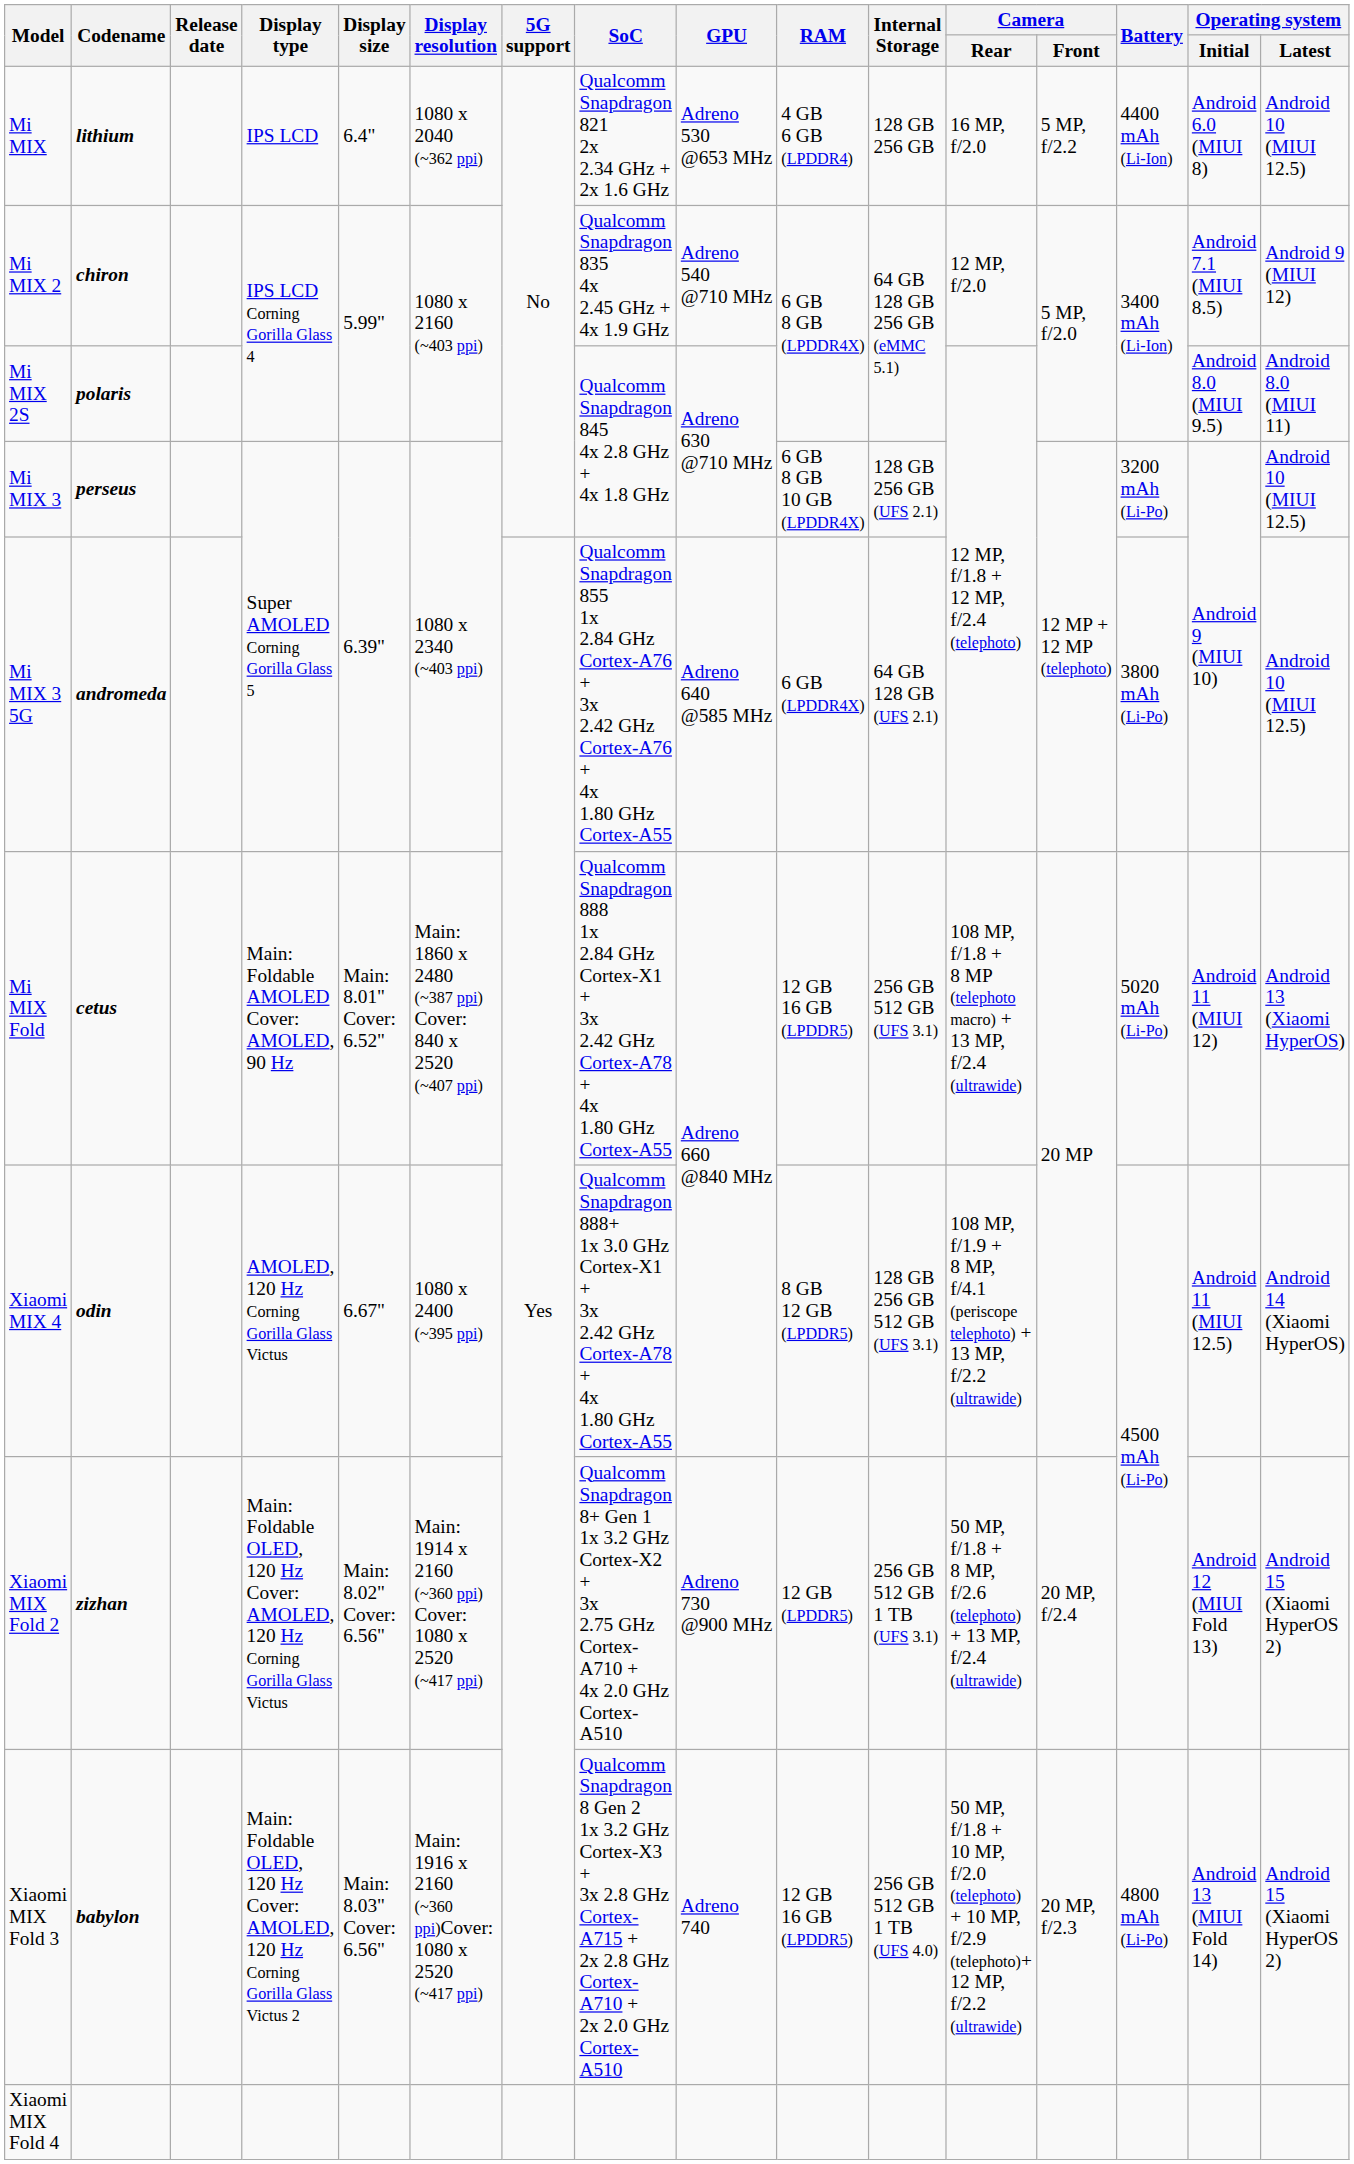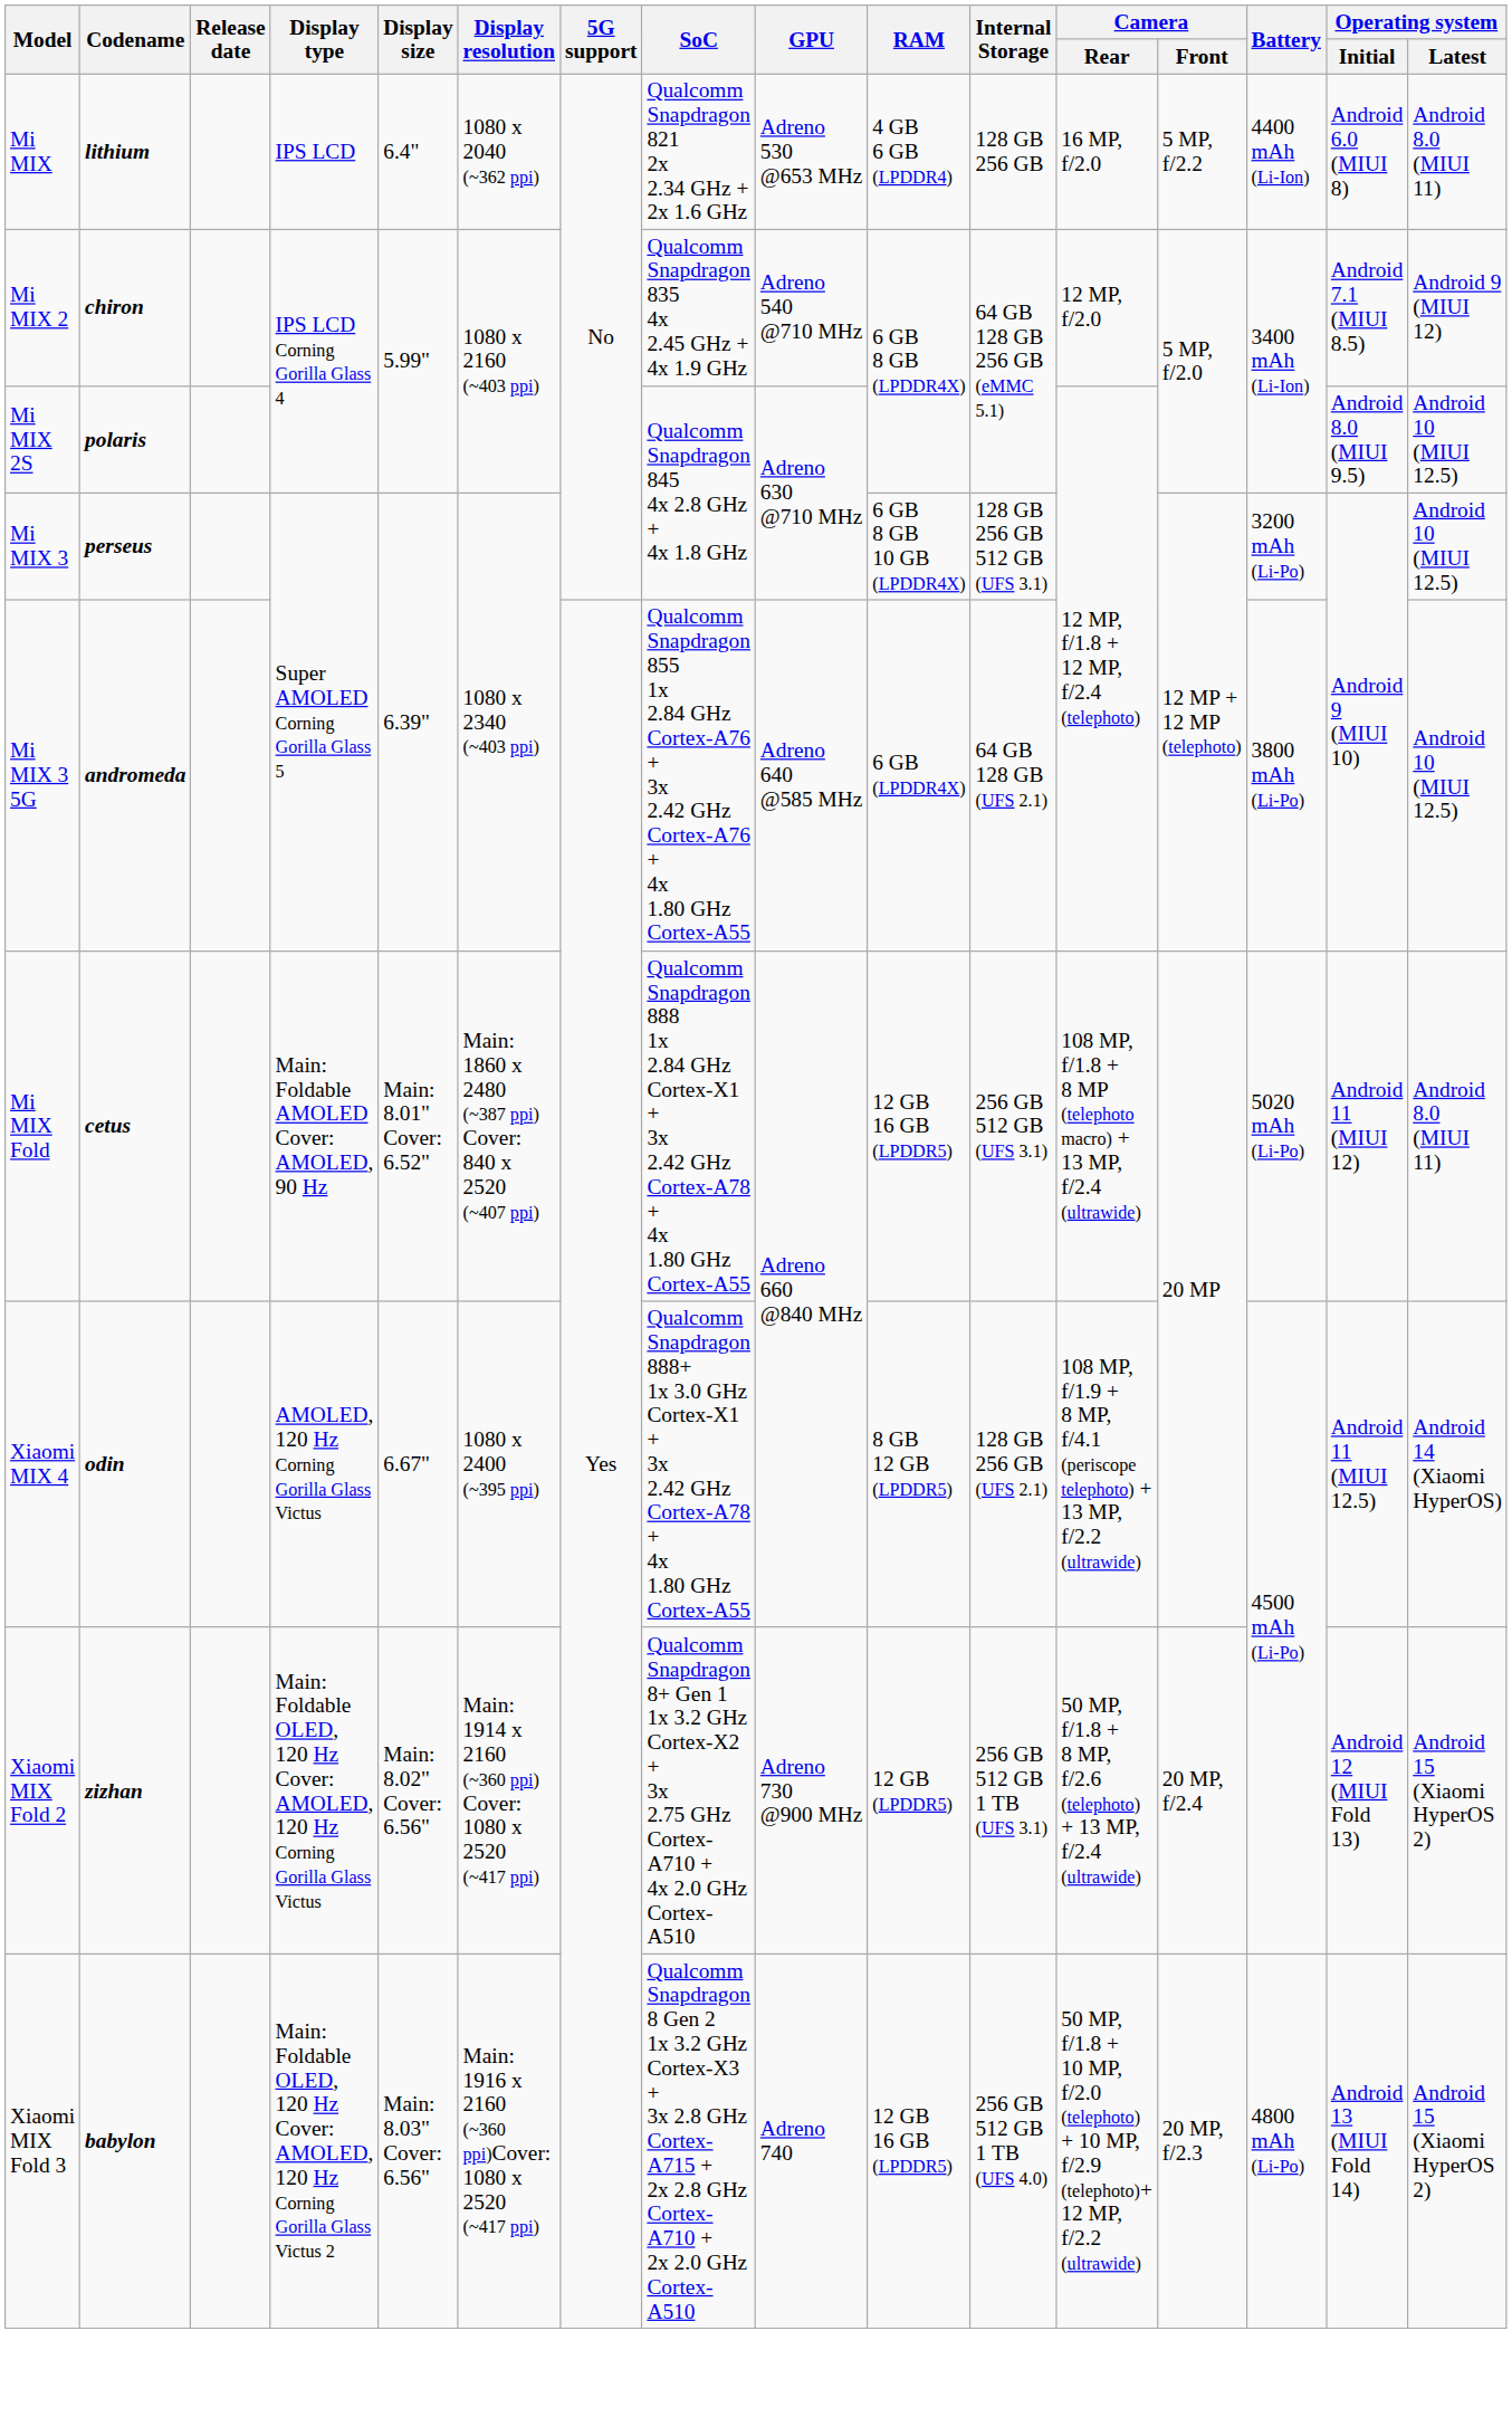 <table class="wikitable sortable mw-collapsible">
 <tr>
 <th rowspan="2">Model</th>
 <th rowspan="2">Codename</th>
 <th rowspan="2">Release date </th>
 <th rowspan="2">Display type</th>
 <th rowspan="2">Display size</th>
 <th rowspan="2"><a href='#'>Display resolution</a></th>
 <th rowspan="2"><a href='#'>5G</a> support</th>
 <th rowspan="2"><a href='#'>SoC</a></th>
 <th rowspan="2"><a href='#'>GPU</a></th>
 <th rowspan="2"><a href='#'>RAM</a></th>
 <th rowspan="2">Internal Storage</th>
 <th colspan="2"><a href='#'>Camera</a></th>
 <th rowspan="2"><a href='#'>Battery</a></th>
 <th colspan="2"><a href='#'>Operating system</a></th>
 </tr>
 <tr>
 <th>Rear</th>
 <th>Front</th>
 <th>Initial</th>
 <th>Latest</th>
 </tr>
 <tr>
 <td><a href='#'>Mi MIX</a></td>
 <td><strong><em>lithium</em></strong></td>
 <td></td>
 <td><a href='#'>IPS LCD</a></td>
 <td>6.4"</td>
 <td>1080 x 2040<br><small>(~362 <a href='#'>ppi</a>)</small></td>
 <td rowspan="4" style="text-align:center;">No</td>
 <td><a href='#'>Qualcomm Snapdragon</a> 821<br>2x 2.34 GHz +<br>2x 1.6 GHz</td>
 <td><a href='#'>Adreno</a> 530<br>@653 MHz</td>
 <td>4 GB<br>6 GB<br><small>(<a href='#'>LPDDR4</a>)</small></td>
 <td>128 GB<br>256 GB</td>
 <td>16 MP, f/2.0</td>
 <td>5 MP, f/2.2</td>
 <td>4400 <a href='#'>mAh</a><br><small>(<a href='#'>Li-Ion</a>)</small></td>
 <td><a href='#'>Android 6.0</a><br>(<a href='#'>MIUI</a> 8)</td>
-<td><a href='#'>Android 10</a><br>(<a href='#'>MIUI</a> 12.5)</td>
+<td><a href='#'>Android 8.0</a><br>(<a href='#'>MIUI</a> 11)</td>
 </tr>
 <tr>
 <td><a href='#'>Mi MIX 2</a></td>
 <td><strong><em>chiron</em></strong></td>
 <td></td>
 <td rowspan="2"><a href='#'>IPS LCD</a><br><small>Corning <a href='#'>Gorilla Glass</a> 4</small></td>
 <td rowspan="2">5.99"</td>
 <td rowspan="2">1080 x 2160<br><small>(~403 <a href='#'>ppi</a>)</small></td>
 <td><a href='#'>Qualcomm Snapdragon</a> 835<br>4x 2.45 GHz +<br>4x 1.9 GHz</td>
 <td><a href='#'>Adreno</a> 540<br>@710 MHz</td>
 <td rowspan="2">6 GB<br>8 GB<br><small>(<a href='#'>LPDDR4X</a>)</small></td>
 <td rowspan="2">64 GB<br>128 GB<br>256 GB<br><small>(<a href='#'>eMMC</a> 5.1)</small></td>
 <td>12 MP, f/2.0</td>
 <td rowspan="2">5 MP, f/2.0</td>
 <td rowspan="2">3400 <a href='#'>mAh</a><br><small>(<a href='#'>Li-Ion</a>)</small></td>
 <td><a href='#'>Android 7.1</a><br>(<a href='#'>MIUI</a> 8.5)</td>
 <td><a href='#'>Android 9</a><br>(<a href='#'>MIUI</a> 12)</td>
 </tr>
 <tr>
 <td><a href='#'>Mi MIX 2S</a></td>
 <td><strong><em>polaris</em></strong></td>
 <td></td>
 <td rowspan="2"><a href='#'>Qualcomm Snapdragon</a> 845<br>4x 2.8 GHz +<br>4x 1.8 GHz</td>
 <td rowspan="2"><a href='#'>Adreno</a> 630<br>@710 MHz</td>
 <td rowspan="3">12 MP, f/1.8 +<br>12 MP, f/2.4 <small>(<a href='#'>telephoto</a>)</small></td>
 <td><a href='#'>Android 8.0</a><br>(<a href='#'>MIUI</a> 9.5)</td>
-<td><a href='#'>Android 8.0</a><br>(<a href='#'>MIUI</a> 11)</td>
+<td><a href='#'>Android 10</a><br>(<a href='#'>MIUI</a> 12.5)</td>
 </tr>
 <tr>
 <td><a href='#'>Mi MIX 3</a></td>
 <td><strong><em>perseus</em></strong></td>
 <td></td>
 <td rowspan="2">Super <a href='#'>AMOLED</a><br><small>Corning <a href='#'>Gorilla Glass</a> 5</small></td>
 <td rowspan="2">6.39"</td>
 <td rowspan="2">1080 x 2340<br><small>(~403 <a href='#'>ppi</a>)</small></td>
 <td>6 GB<br>8 GB<br>10 GB<br><small>(<a href='#'>LPDDR4X</a>)</small></td>
-<td>128 GB<br>256 GB<br><small>(<a href='#'>UFS</a> 2.1)</small></td>
+<td>128 GB<br>256 GB<br>512 GB<br><small>(<a href='#'>UFS</a> 3.1)</small></td>
 <td rowspan="2">12 MP +<br>12 MP <small>(<a href='#'>telephoto</a>)</small></td>
 <td>3200 <a href='#'>mAh</a><br><small>(<a href='#'>Li-Po</a>)</small></td>
 <td rowspan="2"><a href='#'>Android 9</a><br>(<a href='#'>MIUI</a> 10)</td>
 <td><a href='#'>Android 10</a><br>(<a href='#'>MIUI</a> 12.5)</td>
 </tr>
 <tr>
 <td><a href='#'>Mi MIX 3 5G</a></td>
 <td><strong><em>andromeda</em></strong></td>
 <td></td>
 <td rowspan="5" style="text-align:center;">Yes</td>
 <td><a href='#'>Qualcomm Snapdragon</a> 855<br>1x 2.84 GHz <a href='#'>Cortex-A76</a> +<br>3x 2.42 GHz <a href='#'>Cortex-A76</a> +<br>4x 1.80 GHz <a href='#'>Cortex-A55</a></td>
 <td><a href='#'>Adreno</a> 640<br>@585 MHz</td>
 <td>6 GB<br><small>(<a href='#'>LPDDR4X</a>)</small></td>
 <td>64 GB<br>128 GB<br><small>(<a href='#'>UFS</a> 2.1)</small></td>
 <td>3800 <a href='#'>mAh</a><br><small>(<a href='#'>Li-Po</a>)</small></td>
 <td><a href='#'>Android 10</a><br>(<a href='#'>MIUI</a> 12.5)</td>
 </tr>
 <tr>
 <td><a href='#'>Mi MIX Fold</a></td>
 <td><strong><em>cetus</em></strong></td>
 <td></td>
 <td>Main: Foldable <a href='#'>AMOLED</a><br>Cover: <a href='#'>AMOLED</a>, 90 <a href='#'>Hz</a></td>
 <td>Main: 8.01"<br>Cover: 6.52"</td>
 <td>Main: 1860 x 2480<br><small>(~387 <a href='#'>ppi</a>)</small><br>Cover: 840 x 2520<br><small>(~407 <a href='#'>ppi</a>)</small></td>
 <td><a href='#'>Qualcomm Snapdragon</a> 888<br>1x 2.84 GHz Cortex-X1 +<br>3x 2.42 GHz <a href='#'>Cortex-A78</a> +<br>4x 1.80 GHz <a href='#'>Cortex-A55</a></td>
 <td rowspan="2"><a href='#'>Adreno</a> 660<br>@840 MHz</td>
 <td>12 GB<br>16 GB<br><small>(<a href='#'>LPDDR5</a>)</small></td>
 <td>256 GB<br>512 GB<br><small>(<a href='#'>UFS</a> 3.1)</small></td>
 <td>108 MP, f/1.8 +<br>8 MP <small>(<a href='#'>telephoto</a> macro)</small> + 13 MP, f/2.4 <small>(<a href='#'>ultrawide</a>)</small></td>
 <td rowspan="2">20 MP</td>
 <td>5020 <a href='#'>mAh</a><br><small>(<a href='#'>Li-Po</a>)</small></td>
 <td><a href='#'>Android 11</a><br>(<a href='#'>MIUI</a> 12)</td>
-<td><a href='#'>Android 13</a><br>(<a href='#'>Xiaomi HyperOS</a>)</td>
+<td><a href='#'>Android 8.0</a><br>(<a href='#'>MIUI</a> 11)</td>
 </tr>
 <tr>
 <td><a href='#'>Xiaomi MIX 4</a></td>
 <td><strong><em>odin</em></strong></td>
 <td></td>
 <td><a href='#'>AMOLED</a>, 120 <a href='#'>Hz</a><br><small>Corning <a href='#'>Gorilla Glass</a> Victus</small></td>
 <td>6.67"</td>
 <td>1080 x 2400<br><small>(~395 <a href='#'>ppi</a>)</small></td>
 <td><a href='#'>Qualcomm Snapdragon</a> 888+<br>1x 3.0 GHz Cortex-X1 +<br>3x 2.42 GHz <a href='#'>Cortex-A78</a> +<br>4x 1.80 GHz <a href='#'>Cortex-A55</a></td>
 <td>8 GB<br>12 GB<br><small>(<a href='#'>LPDDR5</a>)</small></td>
-<td>128 GB<br>256 GB<br>512 GB<br><small>(<a href='#'>UFS</a> 3.1)</small></td>
+<td>128 GB<br>256 GB<br><small>(<a href='#'>UFS</a> 2.1)</small></td>
 <td>108 MP, f/1.9 +<br>8 MP, f/4.1 <small>(periscope <a href='#'>telephoto</a>)</small> + 13 MP, f/2.2 <small>(<a href='#'>ultrawide</a>)</small></td>
 <td rowspan="2">4500 <a href='#'>mAh</a><br><small>(<a href='#'>Li-Po</a>)</small></td>
 <td><a href='#'>Android 11</a><br>(<a href='#'>MIUI</a> 12.5)</td>
 <td><a href='#'>Android 14</a><br>(Xiaomi HyperOS)</td>
 </tr>
 <tr>
 <td><a href='#'>Xiaomi MIX Fold 2</a></td>
 <td><strong><em>zizhan</em></strong></td>
 <td></td>
 <td>Main: Foldable <a href='#'>OLED</a>, 120 <a href='#'>Hz</a><br>Cover: <a href='#'>AMOLED</a>, 120 <a href='#'>Hz</a><br><small>Corning <a href='#'>Gorilla Glass</a> Victus</small></td>
 <td>Main: 8.02"<br>Cover: 6.56"</td>
 <td>Main: 1914 x 2160<br><small>(~360 <a href='#'>ppi</a>)</small><br>Cover: 1080 x 2520<br><small>(~417 <a href='#'>ppi</a>)</small></td>
 <td><a href='#'>Qualcomm Snapdragon</a> 8+ Gen 1<br>1x 3.2 GHz Cortex-X2 +<br>3x 2.75 GHz Cortex-A710 +<br>4x 2.0 GHz Cortex-A510</td>
 <td><a href='#'>Adreno</a> 730<br>@900 MHz</td>
 <td>12 GB<br><small>(<a href='#'>LPDDR5</a>)</small></td>
 <td>256 GB<br>512 GB<br>1 TB<br><small>(<a href='#'>UFS</a> 3.1)</small></td>
 <td>50 MP, f/1.8 +<br>8 MP, f/2.6 <small>(<a href='#'>telephoto</a>)</small> + 13 MP, f/2.4 <small>(<a href='#'>ultrawide</a>)</small></td>
 <td>20 MP, f/2.4</td>
 <td><a href='#'>Android 12</a><br>(<a href='#'>MIUI</a> Fold 13)</td>
 <td><a href='#'>Android 15</a><br>(Xiaomi HyperOS 2)</td>
 </tr>
 <tr>
 <td>Xiaomi MIX Fold 3</td>
 <td><strong><em>babylon</em></strong></td>
 <td></td>
 <td>Main: Foldable <a href='#'>OLED</a>, 120 <a href='#'>Hz</a><br>Cover: <a href='#'>AMOLED</a>, 120 <a href='#'>Hz</a><br><small>Corning <a href='#'>Gorilla Glass</a> Victus 2</small></td>
 <td>Main: 8.03"<br>Cover: 6.56"</td>
 <td>Main: 1916 x 2160<br><small>(~360 <a href='#'>ppi</a>)</small>Cover: 1080 x 2520<br><small>(~417 <a href='#'>ppi</a>)</small></td>
 <td><a href='#'>Qualcomm Snapdragon</a> 8 Gen 2<br>1x 3.2 GHz Cortex-X3 +<br>3x 2.8 GHz <a href='#'>Cortex-A715</a> +<br>2x 2.8 GHz <a href='#'>Cortex-A710</a> +<br>2x 2.0 GHz <a href='#'>Cortex-A510</a></td>
 <td><a href='#'>Adreno</a> 740</td>
 <td>12 GB<br>16 GB<br><small>(<a href='#'>LPDDR5</a>)</small></td>
 <td>256 GB<br>512 GB<br>1 TB<br><small>(<a href='#'>UFS</a> 4.0)</small></td>
 <td>50 MP, f/1.8 +<br>10 MP, f/2.0 <small>(<a href='#'>telephoto</a>)</small> + 10 MP, f/2.9 <small>(telephoto)</small>+ 12 MP, f/2.2 <small>(<a href='#'>ultrawide</a>)</small></td>
 <td>20 MP, f/2.3</td>
 <td>4800 <a href='#'>mAh</a><br><small>(<a href='#'>Li-Po</a>)</small></td>
 <td><a href='#'>Android 13</a><br>(<a href='#'>MIUI</a> Fold 14)</td>
 <td><a href='#'>Android 15</a><br>(Xiaomi HyperOS 2)</td>
 </tr>
-<tr>
-<td>Xiaomi MIX Fold 4</td>
-<td></td>
-<td></td>
-<td></td>
-<td></td>
-<td></td>
-<td></td>
-<td></td>
-<td></td>
-<td></td>
-<td></td>
-<td></td>
-<td></td>
-<td></td>
-<td></td>
-<td></td>
-</tr>
 </table>
